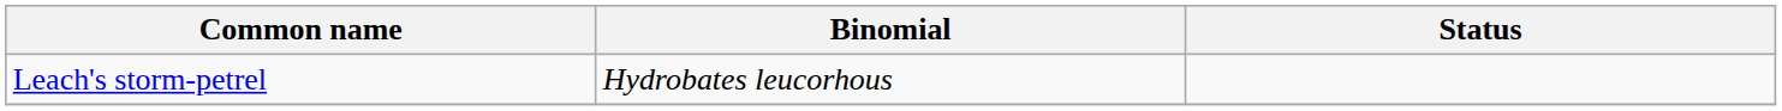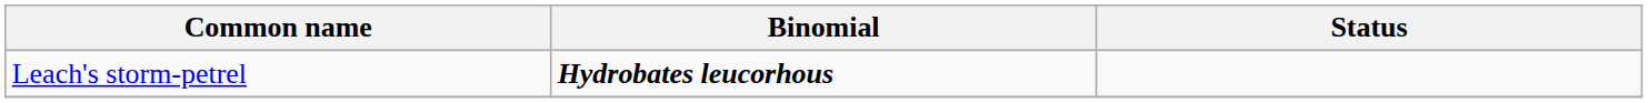 <table width=72% class="wikitable">
 <tr>
 <th width=24%>Common name</th>
 <th width=24%>Binomial</th>
 <th width=24%>Status</th>
 </tr>
 <tr>
 <td><a href='#'>Leach's storm-petrel</a></td>
-<td><em>Hydrobates leucorhous</em></td>
+<td><strong><em>Hydrobates leucorhous</em></strong></td>
 <td></td>
 </tr>
 <tr>
 </tr>
 </table>
